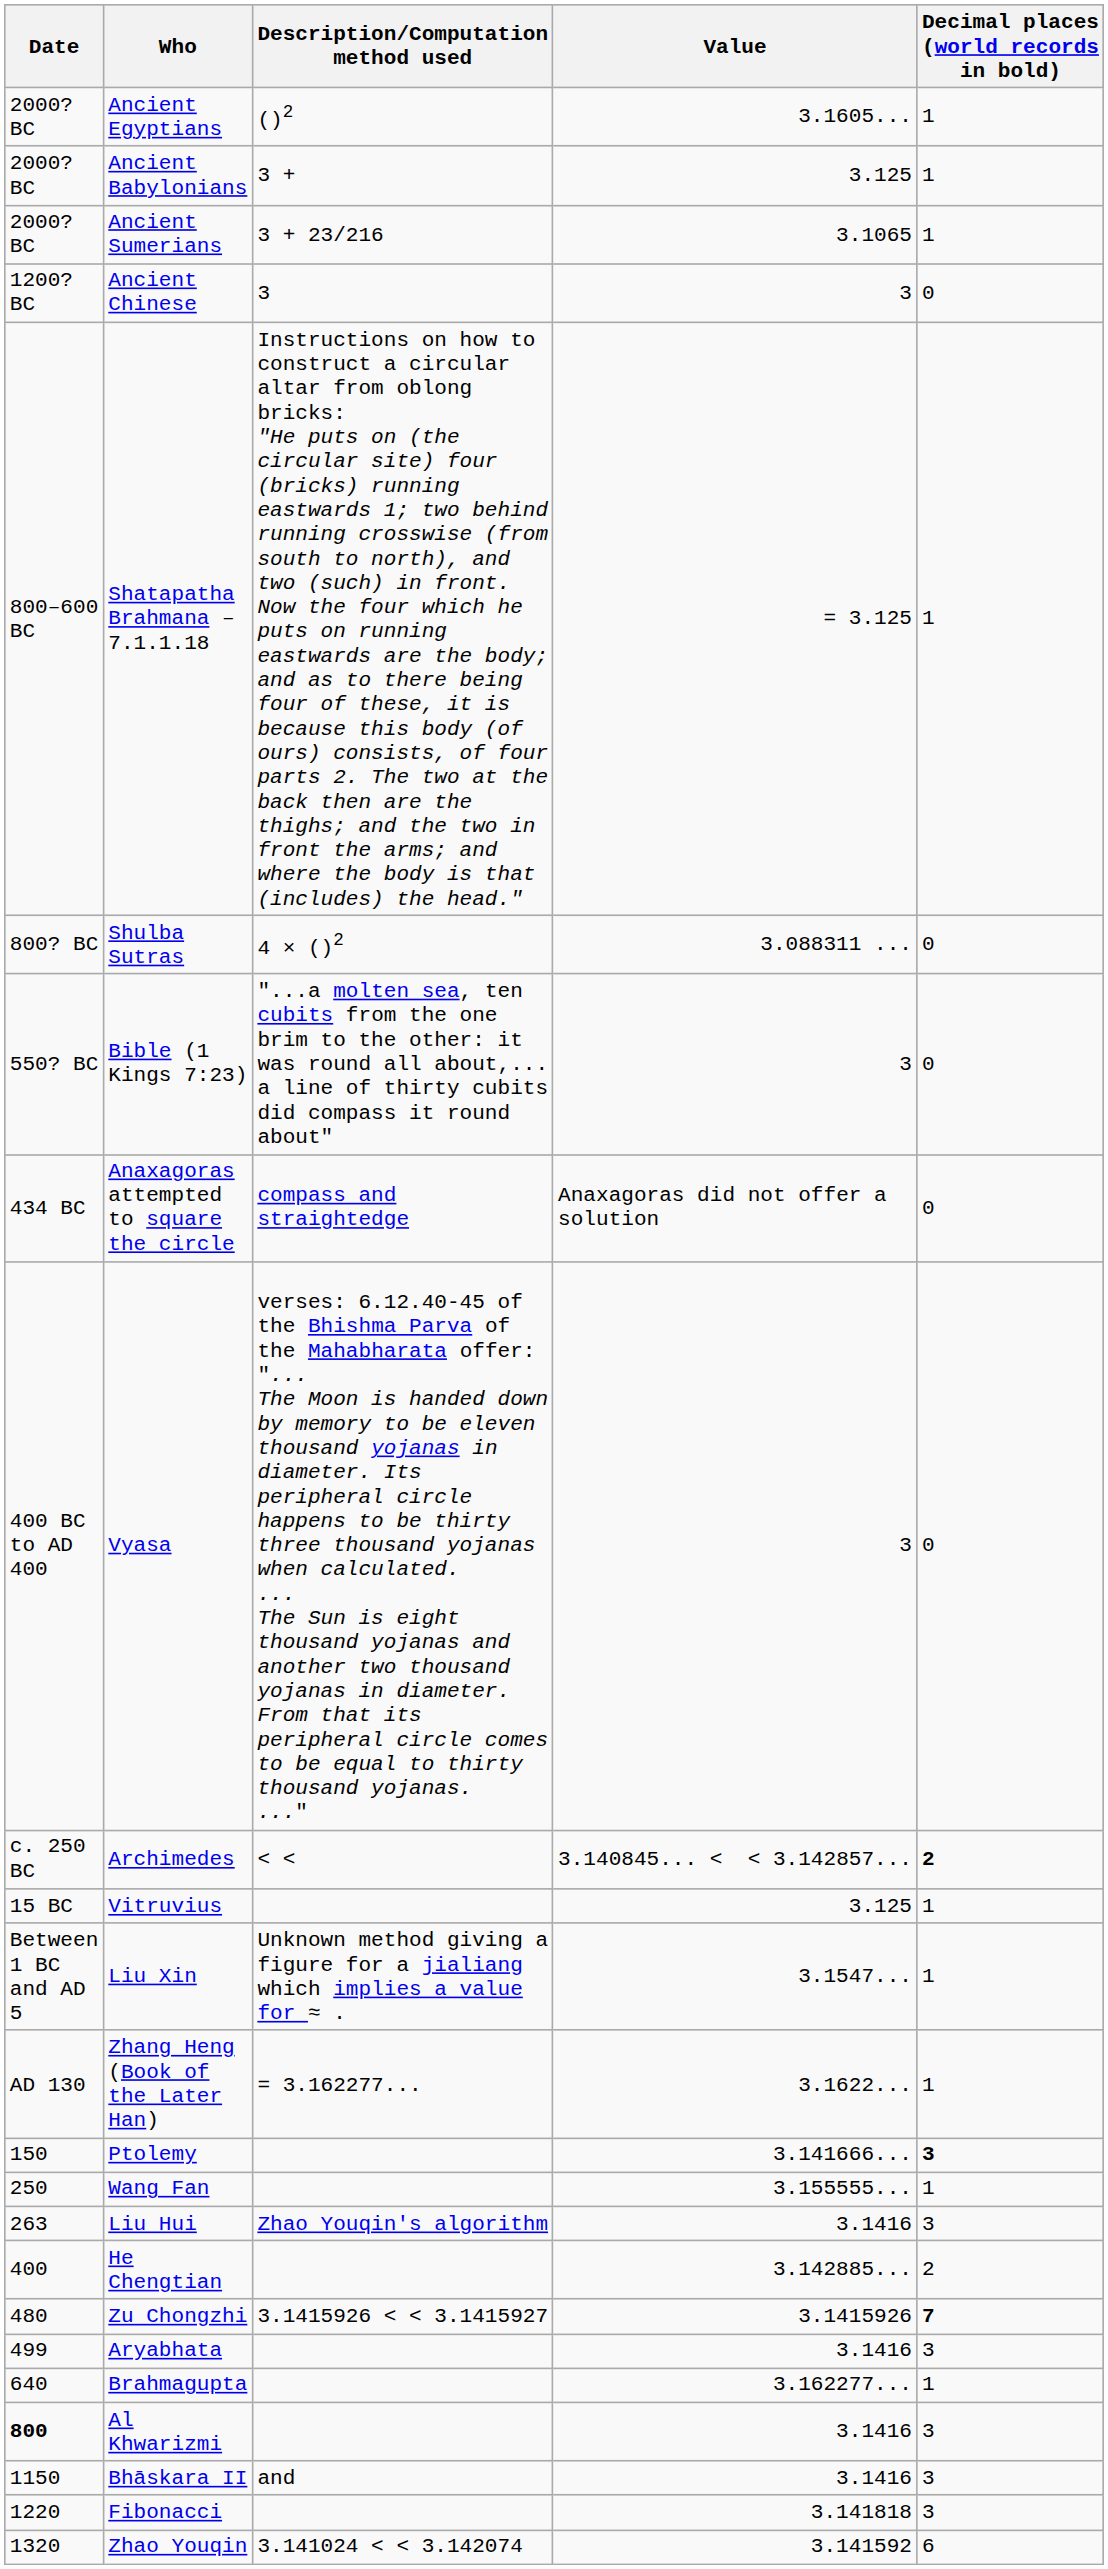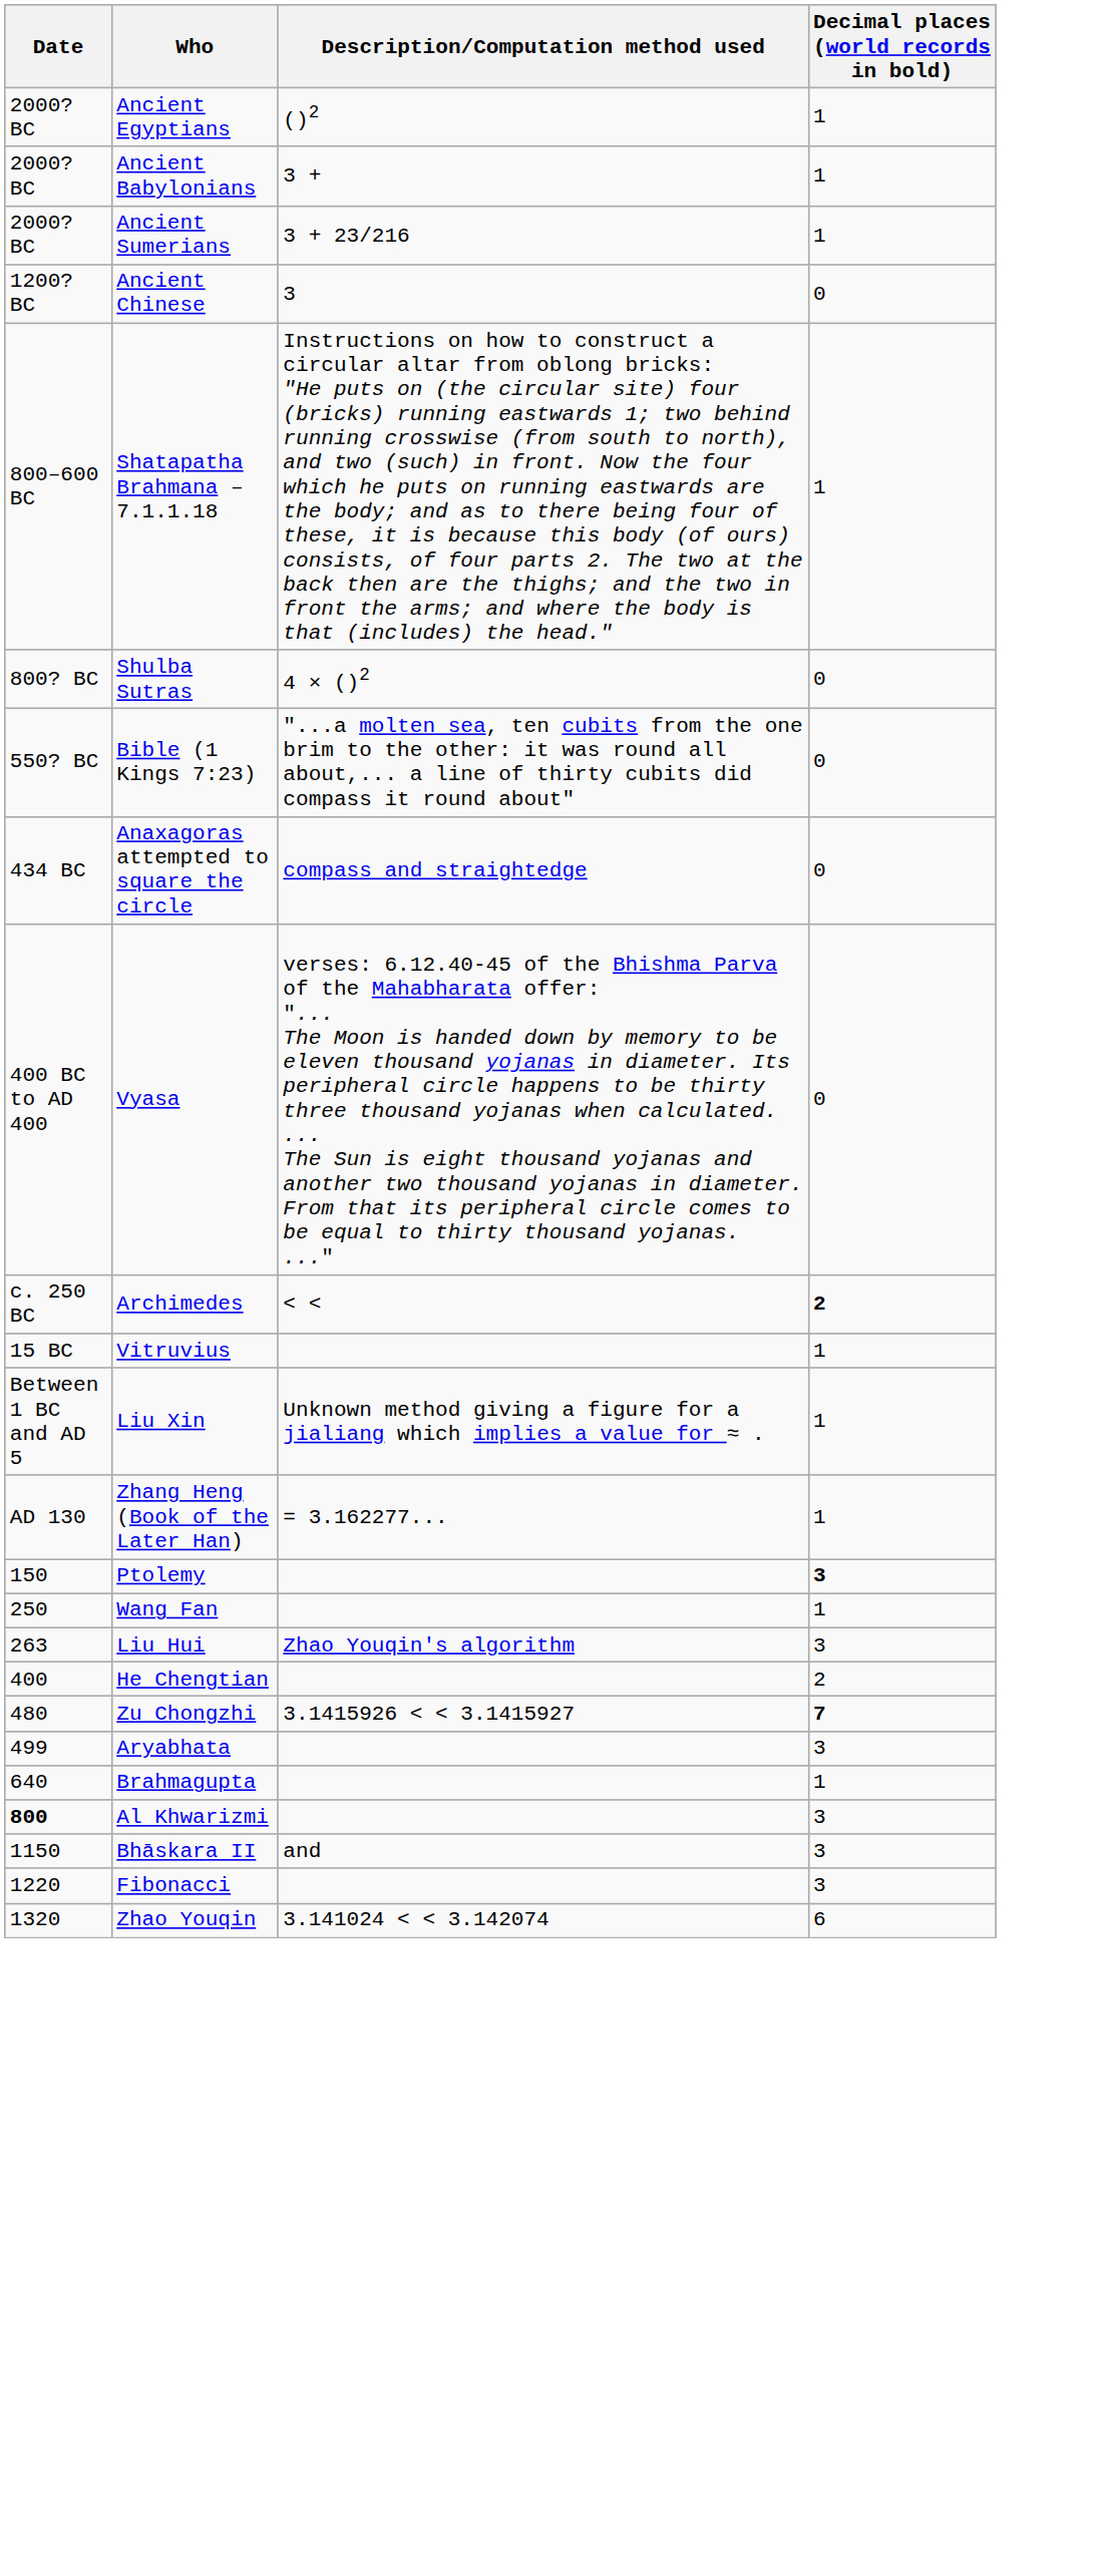 <table class="wikitable">
 <tr>
 <th align="left">Date</th>
 <th align="left">Who</th>
 <th align="left">Description/Computation method used</th>
-<th align="right">Value</th>
 <th align="right">Decimal places<br>(<a href='#'>world records</a><br> in <strong>bold</strong>)</th>
 </tr>
 <tr>
 <td>2000? BC</td>
 <td><a href='#'>Ancient Egyptians</a></td>
 <td>()<sup>2</sup></td>
-<td align="right">3.1605...</td>
 <td>1</td>
 </tr>
 <tr>
 <td>2000? BC</td>
 <td><a href='#'>Ancient Babylonians</a></td>
 <td>3 + </td>
-<td align="right">3.125</td>
 <td>1</td>
 </tr>
 <tr>
 <td>2000? BC</td>
 <td><a href='#'>Ancient Sumerians</a></td>
 <td>3 + 23/216</td>
-<td align="right">3.1065</td>
 <td>1</td>
 </tr>
 <tr>
 <td>1200? BC</td>
 <td><a href='#'>Ancient Chinese</a></td>
 <td>3</td>
-<td align="right">3</td>
 <td>0</td>
 </tr>
 <tr>
 <td>800–600 BC</td>
 <td><a href='#'>Shatapatha Brahmana</a> – 7.1.1.18 </td>
 <td>Instructions on how to construct a circular altar from oblong bricks:<br><em>"He puts on (the circular site) four (bricks) running eastwards 1; two behind running crosswise (from south to north), and two (such) in front. Now the four which he puts on running eastwards are the body; and as to there being four of these, it is because this body (of ours) consists, of four parts 2. The two at the back then are the thighs; and the two in front the arms; and where the body is that (includes) the head."</em></td>
-<td align="right"> = 3.125</td>
 <td>1</td>
 </tr>
 <tr>
 <td>800? BC</td>
 <td><a href='#'>Shulba Sutras</a><br></td>
 <td>4 × ()<sup>2</sup></td>
-<td align="right">3.088311 ...</td>
 <td>0</td>
 </tr>
 <tr>
 <td>550? BC</td>
 <td><a href='#'>Bible</a> (1 Kings 7:23)</td>
 <td>"...a <a href='#'>molten sea</a>, ten <a href='#'>cubits</a> from the one brim to the other: it was round all about,... a line of thirty cubits did compass it round about"</td>
-<td align="right">3</td>
 <td>0</td>
 </tr>
 <tr>
 <td>434 BC</td>
 <td><a href='#'>Anaxagoras</a> attempted to <a href='#'>square the circle</a></td>
 <td><a href='#'>compass and straightedge</a></td>
-<td>Anaxagoras did not offer a solution</td>
 <td>0</td>
 </tr>
 <tr>
 <td>400 BC to AD 400</td>
 <td><a href='#'>Vyasa</a></td>
 <td><br>verses: 6.12.40-45 of the <a href='#'>Bhishma Parva</a> of the <a href='#'>Mahabharata</a> offer:<br>"<em>...</em><br> <em>The Moon is handed down by memory to be eleven thousand <a href='#'>yojanas</a> in diameter. Its peripheral circle happens to be thirty three thousand yojanas when calculated.</em><br> <em>...</em><br> <em>The Sun is eight thousand yojanas and another two thousand yojanas in diameter. From that its peripheral circle comes to be equal to thirty thousand yojanas.</em><br> <em>...</em>"</td>
-<td align="right">3</td>
 <td>0</td>
 </tr>
 <tr>
 <td>c. 250 BC</td>
 <td><a href='#'>Archimedes</a></td>
 <td> <  < </td>
-<td align="right">3.140845... <  < 3.142857...</td>
 <td><strong>2</strong></td>
 </tr>
 <tr>
 <td>15 BC</td>
 <td><a href='#'>Vitruvius</a></td>
 <td></td>
-<td align="right">3.125</td>
 <td>1</td>
 </tr>
 <tr>
 <td>Between 1 BC and AD 5</td>
 <td><a href='#'>Liu Xin</a></td>
 <td>Unknown method giving a figure for a <a href='#'>jialiang</a> which <a href='#'>implies a value for </a> ≈ .</td>
-<td align="right">3.1547...</td>
 <td>1</td>
 </tr>
 <tr>
 <td>AD 130</td>
 <td><a href='#'>Zhang Heng</a> (<a href='#'>Book of the Later Han</a>)</td>
 <td> = 3.162277...<br></td>
-<td align="right">3.1622...</td>
 <td>1</td>
 </tr>
 <tr>
 <td>150</td>
 <td><a href='#'>Ptolemy</a></td>
 <td></td>
-<td align="right">3.141666...</td>
 <td><strong>3</strong></td>
 </tr>
 <tr>
 <td>250</td>
 <td><a href='#'>Wang Fan</a></td>
 <td></td>
-<td align="right">3.155555...</td>
 <td>1</td>
 </tr>
 <tr>
 <td>263</td>
 <td><a href='#'>Liu Hui</a></td>
 <td><a href='#'>Zhao Youqin's  algorithm</a></td>
-<td align="right">3.1416</td>
 <td>3</td>
 </tr>
 <tr>
 <td>400</td>
 <td><a href='#'>He Chengtian</a></td>
 <td></td>
-<td align="right">3.142885...</td>
 <td>2</td>
 </tr>
 <tr>
 <td>480</td>
 <td><a href='#'>Zu Chongzhi</a></td>
 <td>3.1415926 <  < 3.1415927 <br><a href='#'></a></td>
-<td align="right">3.1415926</td>
 <td><strong>7</strong></td>
 </tr>
 <tr>
 <td>499</td>
 <td><a href='#'>Aryabhata</a></td>
 <td></td>
-<td align="right">3.1416</td>
 <td>3</td>
 </tr>
 <tr>
 <td>640</td>
 <td><a href='#'>Brahmagupta</a></td>
 <td></td>
-<td align="right">3.162277...</td>
 <td>1</td>
 </tr>
 <tr>
 <td><strong>800</strong></td>
 <td><a href='#'>Al Khwarizmi</a></td>
 <td></td>
-<td align="right">3.1416</td>
 <td>3</td>
 </tr>
 <tr>
 <td>1150</td>
 <td><a href='#'>Bhāskara II</a></td>
 <td> and </td>
-<td align="right">3.1416</td>
 <td>3</td>
 </tr>
 <tr>
 <td>1220</td>
 <td><a href='#'>Fibonacci</a></td>
 <td></td>
-<td align="right">3.141818</td>
 <td>3</td>
 </tr>
 <tr>
 <td>1320</td>
 <td><a href='#'>Zhao Youqin</a></td>
 <td>3.141024 <  < 3.142074<br></td>
-<td align="right">3.141592</td>
 <td>6</td>
 </tr>
 </table>
